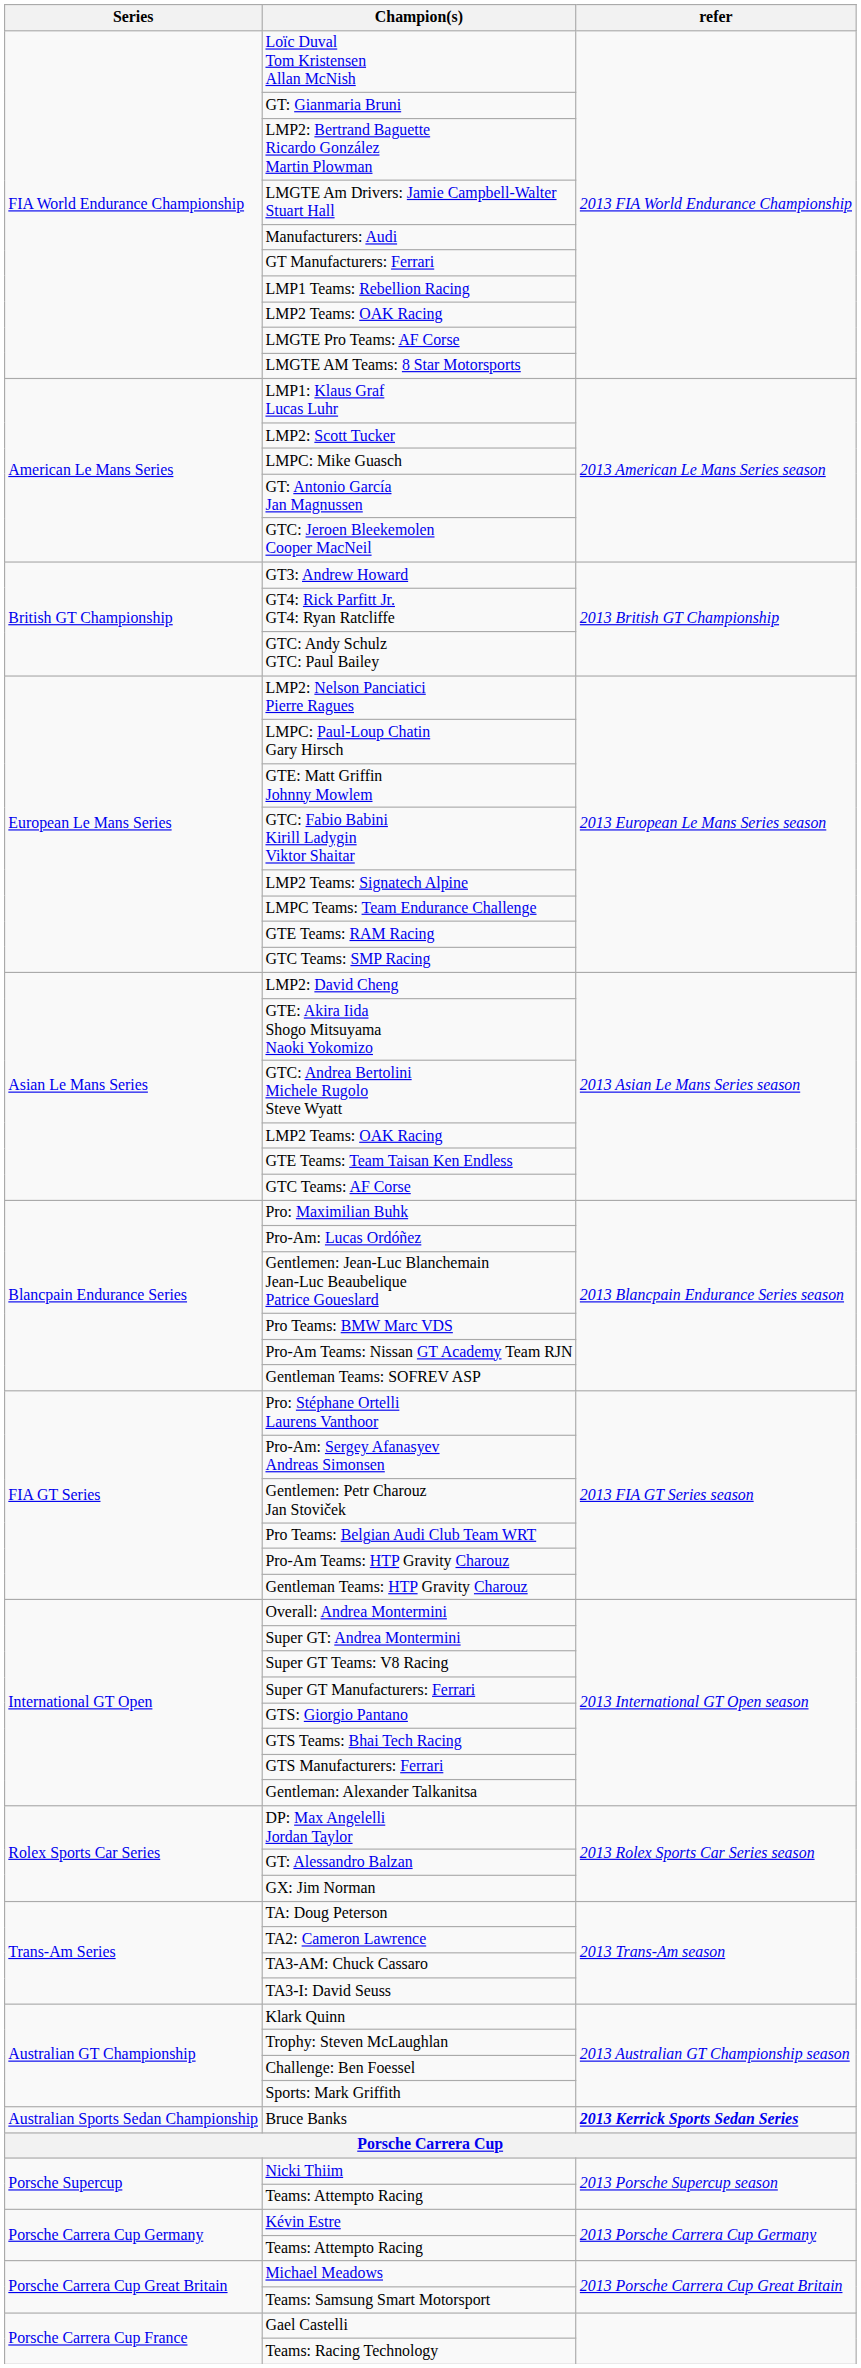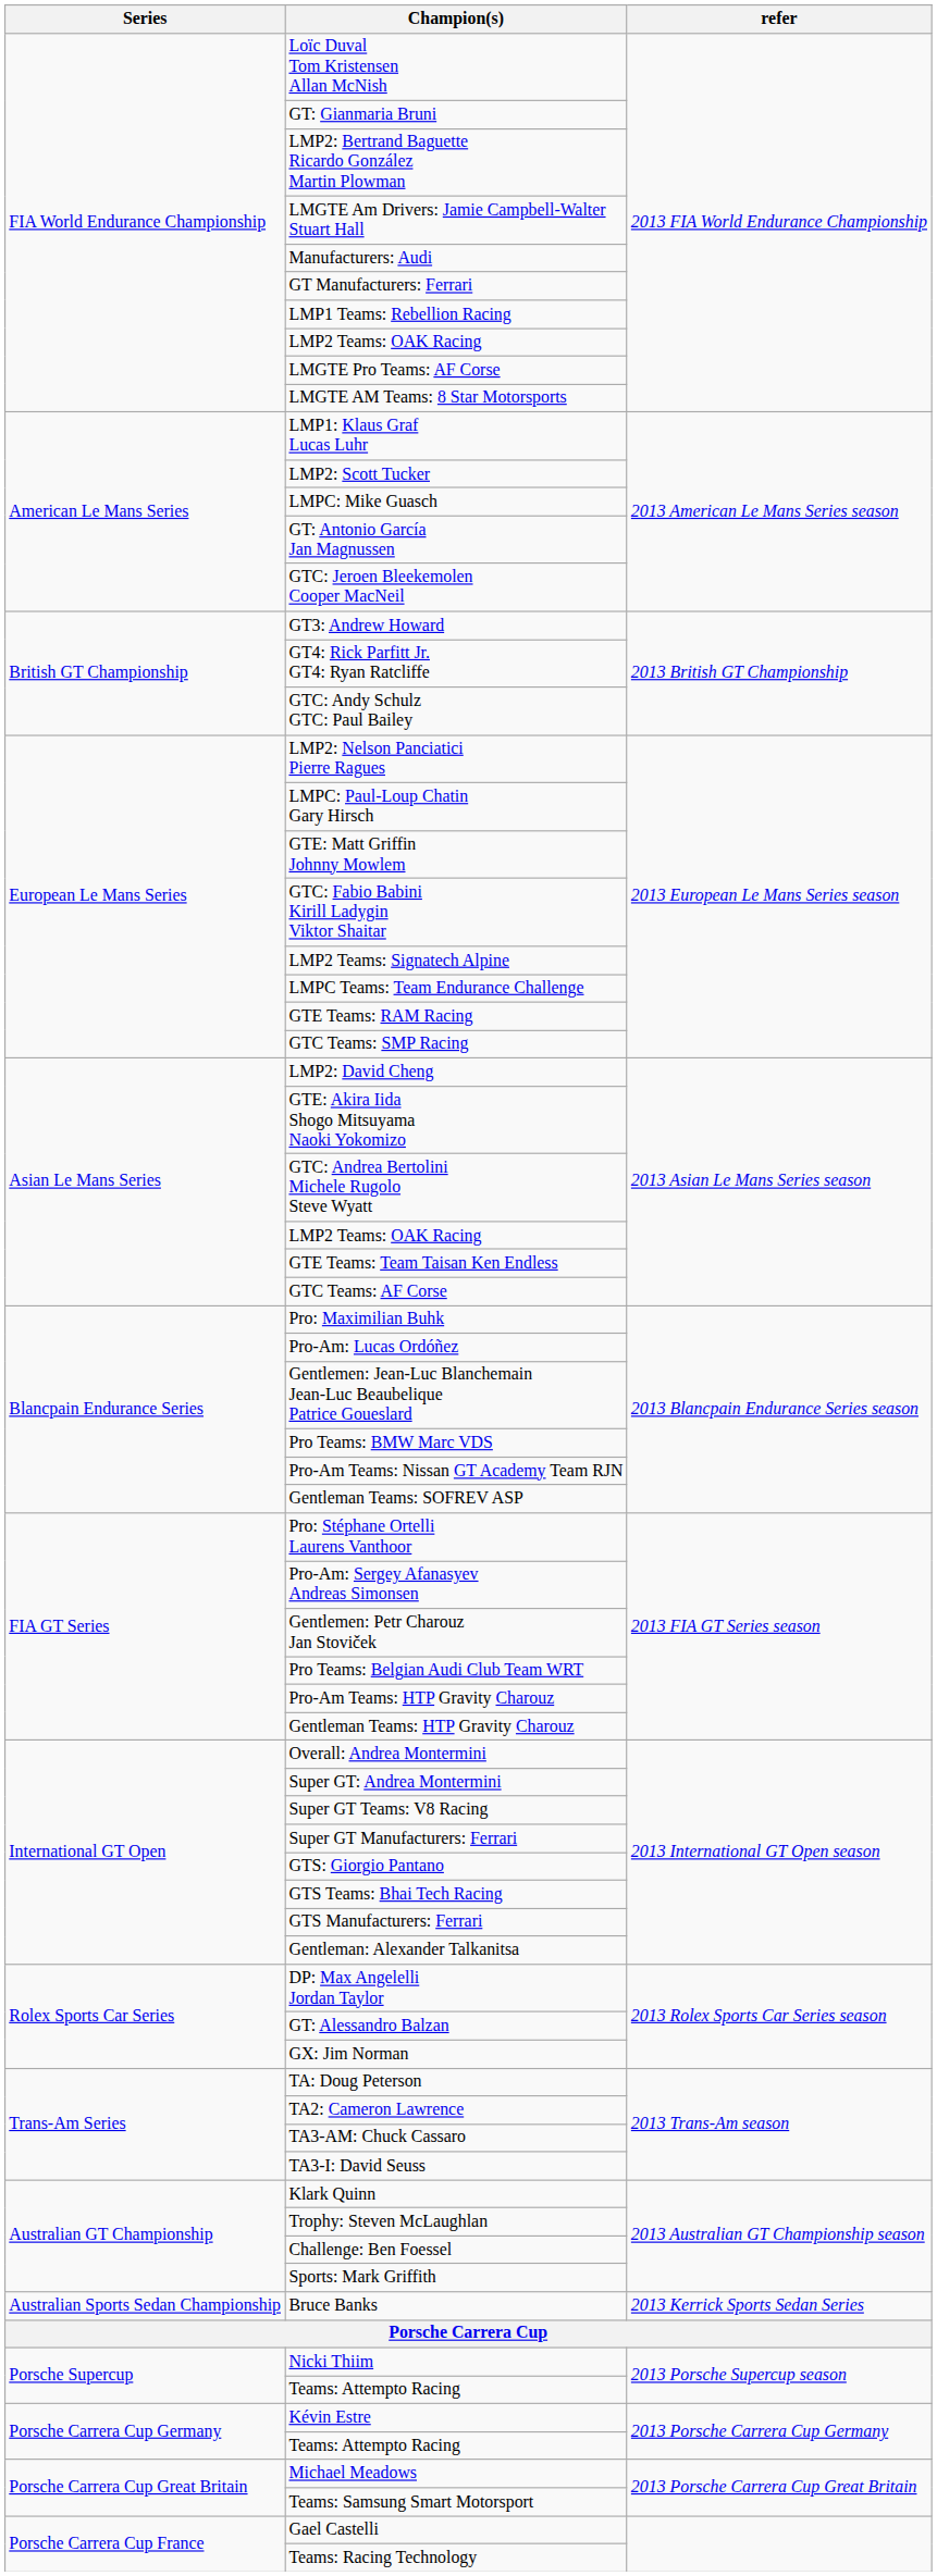 <table class="wikitable" style="font-size: 87%;">
 <tr>
 <th>Series</th>
 <th>Champion(s)</th>
 <th>refer</th>
 </tr>
 <tr>
 <td rowspan=10><a href='#'>FIA World Endurance Championship</a></td>
 <td> <a href='#'>Loïc Duval</a><br> <a href='#'>Tom Kristensen</a><br> <a href='#'>Allan McNish</a></td>
 <td rowspan=10><em><a href='#'>2013 FIA World Endurance Championship</a></em></td>
 </tr>
 <tr>
 <td>GT:  <a href='#'>Gianmaria Bruni</a></td>
 </tr>
 <tr>
 <td>LMP2:  <a href='#'>Bertrand Baguette</a><br> <a href='#'>Ricardo González</a><br> <a href='#'>Martin Plowman</a></td>
 </tr>
 <tr>
 <td>LMGTE Am Drivers:  <a href='#'>Jamie Campbell-Walter</a><br> <a href='#'>Stuart Hall</a></td>
 </tr>
 <tr>
 <td>Manufacturers:  <a href='#'>Audi</a></td>
 </tr>
 <tr>
 <td>GT Manufacturers:  <a href='#'>Ferrari</a></td>
 </tr>
 <tr>
 <td>LMP1 Teams:  <a href='#'>Rebellion Racing</a></td>
 </tr>
 <tr>
 <td>LMP2 Teams:  <a href='#'>OAK Racing</a></td>
 </tr>
 <tr>
 <td>LMGTE Pro Teams:  <a href='#'>AF Corse</a></td>
 </tr>
 <tr>
 <td>LMGTE AM Teams:  <a href='#'>8 Star Motorsports</a></td>
 </tr>
 <tr>
 <td rowspan=5><a href='#'>American Le Mans Series</a></td>
 <td>LMP1:  <a href='#'>Klaus Graf</a><br> <a href='#'>Lucas Luhr</a></td>
 <td rowspan=5><em><a href='#'>2013 American Le Mans Series season</a></em></td>
 </tr>
 <tr>
 <td>LMP2:  <a href='#'>Scott Tucker</a></td>
 </tr>
 <tr>
 <td>LMPC:  Mike Guasch</td>
 </tr>
 <tr>
 <td>GT:  <a href='#'>Antonio García</a><br> <a href='#'>Jan Magnussen</a></td>
 </tr>
 <tr>
 <td>GTC:  <a href='#'>Jeroen Bleekemolen</a><br> <a href='#'>Cooper MacNeil</a></td>
 </tr>
 <tr>
 <td rowspan=3><a href='#'>British GT Championship</a></td>
 <td>GT3:  <a href='#'>Andrew Howard</a></td>
 <td rowspan=3><em><a href='#'>2013 British GT Championship</a></em></td>
 </tr>
 <tr>
 <td>GT4:  <a href='#'>Rick Parfitt Jr.</a><br>GT4:  Ryan Ratcliffe</td>
 </tr>
 <tr>
 <td>GTC:  Andy Schulz<br>GTC:  Paul Bailey</td>
 </tr>
 <tr>
 <td rowspan=8><a href='#'>European Le Mans Series</a></td>
 <td>LMP2:  <a href='#'>Nelson Panciatici</a><br> <a href='#'>Pierre Ragues</a></td>
 <td rowspan=8><em><a href='#'>2013 European Le Mans Series season</a></em></td>
 </tr>
 <tr>
 <td>LMPC:  <a href='#'>Paul-Loup Chatin</a><br> Gary Hirsch</td>
 </tr>
 <tr>
 <td>GTE:  Matt Griffin<br> <a href='#'>Johnny Mowlem</a></td>
 </tr>
 <tr>
 <td>GTC:  <a href='#'>Fabio Babini</a><br> <a href='#'>Kirill Ladygin</a><br> <a href='#'>Viktor Shaitar</a></td>
 </tr>
 <tr>
 <td>LMP2 Teams:  <a href='#'>Signatech Alpine</a></td>
 </tr>
 <tr>
 <td>LMPC Teams:  <a href='#'>Team Endurance Challenge</a></td>
 </tr>
 <tr>
 <td>GTE Teams:  <a href='#'>RAM Racing</a></td>
 </tr>
 <tr>
 <td>GTC Teams:  <a href='#'>SMP Racing</a></td>
 </tr>
 <tr>
 <td rowspan=6><a href='#'>Asian Le Mans Series</a></td>
 <td>LMP2:  <a href='#'>David Cheng</a></td>
 <td rowspan=6><em><a href='#'>2013 Asian Le Mans Series season</a></em></td>
 </tr>
 <tr>
 <td>GTE:  <a href='#'>Akira Iida</a><br> Shogo Mitsuyama<br> <a href='#'>Naoki Yokomizo</a></td>
 </tr>
 <tr>
 <td>GTC:  <a href='#'>Andrea Bertolini</a><br> <a href='#'>Michele Rugolo</a><br> Steve Wyatt</td>
 </tr>
 <tr>
 <td>LMP2 Teams:  <a href='#'>OAK Racing</a></td>
 </tr>
 <tr>
 <td>GTE Teams:  <a href='#'>Team Taisan Ken Endless</a></td>
 </tr>
 <tr>
 <td>GTC Teams:  <a href='#'>AF Corse</a></td>
 </tr>
 <tr>
 <td rowspan=6><a href='#'>Blancpain Endurance Series</a></td>
 <td>Pro:  <a href='#'>Maximilian Buhk</a></td>
 <td rowspan=6><em><a href='#'>2013 Blancpain Endurance Series season</a></em></td>
 </tr>
 <tr>
 <td>Pro-Am:  <a href='#'>Lucas Ordóñez</a></td>
 </tr>
 <tr>
 <td>Gentlemen:  Jean-Luc Blanchemain<br> Jean-Luc Beaubelique<br> <a href='#'>Patrice Goueslard</a></td>
 </tr>
 <tr>
 <td>Pro Teams:  <a href='#'>BMW Marc VDS</a></td>
 </tr>
 <tr>
 <td>Pro-Am Teams:  Nissan <a href='#'>GT Academy</a> Team RJN</td>
 </tr>
 <tr>
 <td>Gentleman Teams:  SOFREV ASP</td>
 </tr>
 <tr>
 <td rowspan=6><a href='#'>FIA GT Series</a></td>
 <td>Pro:  <a href='#'>Stéphane Ortelli</a><br> <a href='#'>Laurens Vanthoor</a></td>
 <td rowspan=6><em><a href='#'>2013 FIA GT Series season</a></em></td>
 </tr>
 <tr>
 <td>Pro-Am:  <a href='#'>Sergey Afanasyev</a><br> <a href='#'>Andreas Simonsen</a></td>
 </tr>
 <tr>
 <td>Gentlemen:  Petr Charouz<br> Jan Stoviček</td>
 </tr>
 <tr>
 <td>Pro Teams:  <a href='#'>Belgian Audi Club Team WRT</a></td>
 </tr>
 <tr>
 <td>Pro-Am Teams:  <a href='#'>HTP</a> Gravity <a href='#'>Charouz</a></td>
 </tr>
 <tr>
 <td>Gentleman Teams:  <a href='#'>HTP</a> Gravity <a href='#'>Charouz</a></td>
 </tr>
 <tr>
 <td rowspan=8><a href='#'>International GT Open</a></td>
 <td>Overall:  <a href='#'>Andrea Montermini</a></td>
 <td rowspan=8><em><a href='#'>2013 International GT Open season</a></em></td>
 </tr>
 <tr>
 <td>Super GT:  <a href='#'>Andrea Montermini</a></td>
 </tr>
 <tr>
 <td>Super GT Teams:  V8 Racing</td>
 </tr>
 <tr>
 <td>Super GT Manufacturers:  <a href='#'>Ferrari</a></td>
 </tr>
 <tr>
 <td>GTS:  <a href='#'>Giorgio Pantano</a></td>
 </tr>
 <tr>
 <td>GTS Teams:  <a href='#'>Bhai Tech Racing</a></td>
 </tr>
 <tr>
 <td>GTS Manufacturers:  <a href='#'>Ferrari</a></td>
 </tr>
 <tr>
 <td>Gentleman:  Alexander Talkanitsa</td>
 </tr>
 <tr>
 <td rowspan=3><a href='#'>Rolex Sports Car Series</a></td>
 <td>DP:  <a href='#'>Max Angelelli</a><br> <a href='#'>Jordan Taylor</a></td>
 <td rowspan=3><em><a href='#'>2013 Rolex Sports Car Series season</a></em></td>
 </tr>
 <tr>
 <td>GT:  <a href='#'>Alessandro Balzan</a></td>
 </tr>
 <tr>
 <td>GX:  Jim Norman</td>
 </tr>
 <tr>
 <td rowspan=4><a href='#'>Trans-Am Series</a></td>
 <td>TA:  Doug Peterson</td>
 <td rowspan=4><em><a href='#'>2013 Trans-Am season</a></em></td>
 </tr>
 <tr>
 <td>TA2:  <a href='#'>Cameron Lawrence</a></td>
 </tr>
 <tr>
 <td>TA3-AM:  Chuck Cassaro</td>
 </tr>
 <tr>
 <td>TA3-I:  David Seuss</td>
 </tr>
 <tr>
 <td rowspan=4><a href='#'>Australian GT Championship</a></td>
 <td> Klark Quinn</td>
 <td rowspan=4><em><a href='#'>2013 Australian GT Championship season</a></em></td>
 </tr>
 <tr>
 <td>Trophy:  Steven McLaughlan</td>
 </tr>
 <tr>
 <td>Challenge:  Ben Foessel</td>
 </tr>
 <tr>
 <td>Sports:  Mark Griffith</td>
 </tr>
 <tr>
 <td><a href='#'>Australian Sports Sedan Championship</a></td>
 <td> Bruce Banks</td>
-<td><strong><em><a href='#'>2013 Kerrick Sports Sedan Series</a></em></strong></td>
+<td><em><a href='#'>2013 Kerrick Sports Sedan Series</a></em></td>
 </tr>
 <tr>
 <th colspan=3><a href='#'>Porsche Carrera Cup</a></th>
 </tr>
 <tr>
 <td rowspan=2><a href='#'>Porsche Supercup</a></td>
 <td> <a href='#'>Nicki Thiim</a></td>
 <td rowspan=2><em><a href='#'>2013 Porsche Supercup season</a></em></td>
 </tr>
 <tr>
 <td>Teams:  Attempto Racing</td>
 </tr>
 <tr>
 <td rowspan=2><a href='#'>Porsche Carrera Cup Germany</a></td>
 <td> <a href='#'>Kévin Estre</a></td>
 <td rowspan=2><em><a href='#'>2013 Porsche Carrera Cup Germany</a></em></td>
 </tr>
 <tr>
 <td>Teams:  Attempto Racing</td>
 </tr>
 <tr>
 <td rowspan=2><a href='#'>Porsche Carrera Cup Great Britain</a></td>
 <td> <a href='#'>Michael Meadows</a></td>
 <td rowspan=2><em><a href='#'>2013 Porsche Carrera Cup Great Britain</a></em></td>
 </tr>
 <tr>
 <td>Teams:  Samsung Smart Motorsport</td>
 </tr>
 <tr>
 <td rowspan=2><a href='#'>Porsche Carrera Cup France</a></td>
 <td> Gael Castelli</td>
 <td rowspan=2></td>
 </tr>
 <tr>
 <td>Teams:  Racing Technology</td>
 </tr>
 </table>
